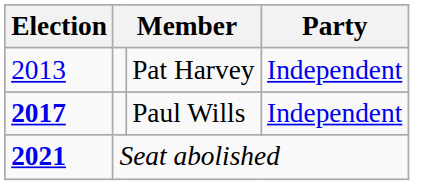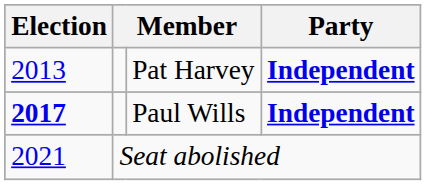 <table class="wikitable">
 <tr>
 <th>Election</th>
 <th colspan="2">Member</th>
 <th>Party</th>
 </tr>
 <tr>
 <td><a href='#'>2013</a></td>
 <td rowspan="1" style="background-color: "></td>
 <td rowspan="1">Pat Harvey</td>
-<td rowspan="1"><a href='#'>Independent</a></td>
+<td rowspan="1"><strong><a href='#'>Independent</a></strong></td>
 </tr>
 <tr>
 <td><strong><a href='#'>2017</a></strong></td>
 <td rowspan="1" style="background-color: "></td>
 <td rowspan="1">Paul Wills</td>
-<td rowspan="1"><a href='#'>Independent</a></td>
+<td rowspan="1"><strong><a href='#'>Independent</a></strong></td>
 </tr>
 <tr>
-<td><strong><a href='#'>2021</a></strong></td>
+<td><a href='#'>2021</a></td>
 <td colspan="3"><em>Seat abolished</em></td>
 </tr>
 </table>
